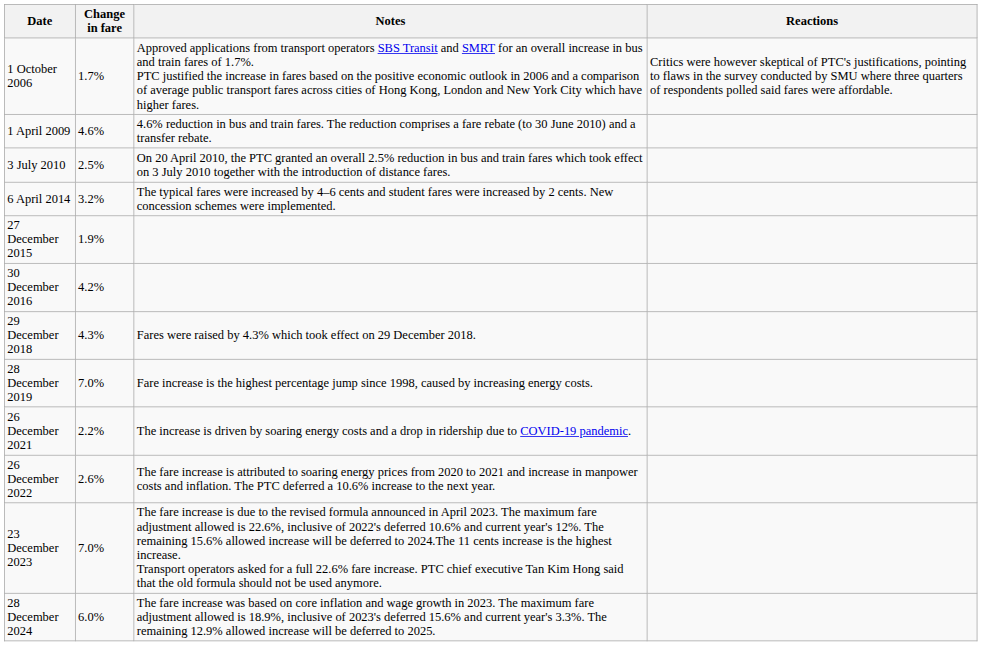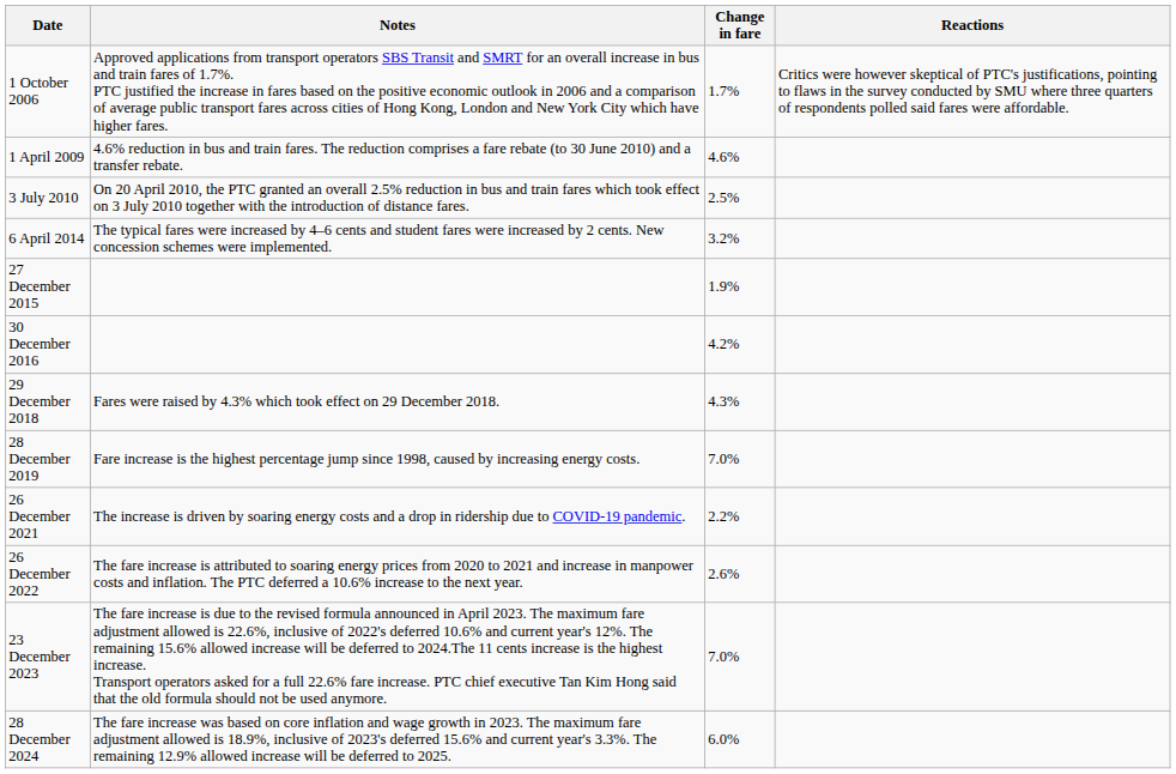 <table class="wikitable">
 <tr>
 <th>Date</th>
+<th>Notes</th>
 <th>Change in fare</th>
-<th>Notes</th>
 <th>Reactions</th>
 </tr>
 <tr>
 <td>1 October 2006</td>
+<td>Approved applications from transport operators <a href='#'>SBS Transit</a> and <a href='#'>SMRT</a> for an overall increase in bus and train fares of 1.7%.<br>PTC justified the increase in fares based on the positive economic outlook in 2006 and a comparison of average public transport fares across cities of Hong Kong, London and New York City which have higher fares.</td>
 <td>1.7%</td>
-<td>Approved applications from transport operators <a href='#'>SBS Transit</a> and <a href='#'>SMRT</a> for an overall increase in bus and train fares of 1.7%.<br>PTC justified the increase in fares based on the positive economic outlook in 2006 and a comparison of average public transport fares across cities of Hong Kong, London and New York City which have higher fares.</td>
 <td>Critics were however skeptical of PTC's justifications, pointing to flaws in the survey conducted by SMU where three quarters of respondents polled said fares were affordable.</td>
 </tr>
 <tr>
 <td>1 April 2009</td>
+<td>4.6% reduction in bus and train fares. The reduction comprises a fare rebate (to 30 June 2010) and a transfer rebate.</td>
 <td>4.6%</td>
-<td>4.6% reduction in bus and train fares. The reduction comprises a fare rebate (to 30 June 2010) and a transfer rebate.</td>
 <td></td>
 </tr>
 <tr>
 <td>3 July 2010</td>
+<td>On 20 April 2010, the PTC granted an overall 2.5% reduction in bus and train fares which took effect on 3 July 2010 together with the introduction of distance fares.</td>
 <td>2.5%</td>
-<td>On 20 April 2010, the PTC granted an overall 2.5% reduction in bus and train fares which took effect on 3 July 2010 together with the introduction of distance fares.</td>
 <td></td>
 </tr>
 <tr>
 <td>6 April 2014</td>
+<td>The typical fares were increased by 4–6 cents and student fares were increased by 2 cents. New concession schemes were implemented.</td>
 <td>3.2%</td>
-<td>The typical fares were increased by 4–6 cents and student fares were increased by 2 cents. New concession schemes were implemented.</td>
 <td></td>
 </tr>
 <tr>
 <td>27 December 2015</td>
+<td></td>
 <td>1.9%</td>
-<td></td>
 <td></td>
 </tr>
 <tr>
 <td>30 December 2016</td>
+<td></td>
 <td>4.2%</td>
-<td></td>
 <td></td>
 </tr>
 <tr>
 <td>29 December 2018</td>
+<td>Fares were raised by 4.3% which took effect on 29 December 2018.</td>
 <td>4.3%</td>
-<td>Fares were raised by 4.3% which took effect on 29 December 2018.</td>
 <td></td>
 </tr>
 <tr>
 <td>28 December 2019</td>
+<td>Fare increase is the highest percentage jump since 1998, caused by increasing energy costs.</td>
 <td>7.0%</td>
-<td>Fare increase is the highest percentage jump since 1998, caused by increasing energy costs.</td>
 <td></td>
 </tr>
 <tr>
 <td>26 December 2021</td>
+<td>The increase is driven by soaring energy costs and a drop in ridership due to <a href='#'>COVID-19 pandemic</a>.</td>
 <td>2.2%</td>
-<td>The increase is driven by soaring energy costs and a drop in ridership due to <a href='#'>COVID-19 pandemic</a>.</td>
 <td></td>
 </tr>
 <tr>
 <td>26 December 2022</td>
+<td>The fare increase is attributed to soaring energy prices from 2020 to 2021 and increase in manpower costs and inflation. The PTC deferred a 10.6% increase to the next year.</td>
 <td>2.6%</td>
-<td>The fare increase is attributed to soaring energy prices from 2020 to 2021 and increase in manpower costs and inflation. The PTC deferred a 10.6% increase to the next year.</td>
 <td></td>
 </tr>
 <tr>
 <td>23 December 2023</td>
+<td>The fare increase is due to the revised formula announced in April 2023. The maximum fare adjustment allowed is 22.6%, inclusive of 2022's deferred 10.6% and current year's 12%. The remaining 15.6% allowed increase will be deferred to 2024.The 11 cents increase is the highest increase.<br>Transport operators asked for a full 22.6% fare increase. PTC chief executive Tan Kim Hong said that the old formula should not be used anymore.</td>
 <td>7.0%</td>
-<td>The fare increase is due to the revised formula announced in April 2023. The maximum fare adjustment allowed is 22.6%, inclusive of 2022's deferred 10.6% and current year's 12%. The remaining 15.6% allowed increase will be deferred to 2024.The 11 cents increase is the highest increase.<br>Transport operators asked for a full 22.6% fare increase. PTC chief executive Tan Kim Hong said that the old formula should not be used anymore.</td>
 <td></td>
 </tr>
 <tr>
 <td>28 December 2024</td>
+<td>The fare increase was based on core inflation and wage growth in 2023. The maximum fare adjustment allowed is 18.9%, inclusive of 2023's deferred 15.6% and current year's 3.3%. The remaining 12.9% allowed increase will be deferred to 2025.</td>
 <td>6.0%</td>
-<td>The fare increase was based on core inflation and wage growth in 2023. The maximum fare adjustment allowed is 18.9%, inclusive of 2023's deferred 15.6% and current year's 3.3%. The remaining 12.9% allowed increase will be deferred to 2025.</td>
 <td></td>
 </tr>
 </table>
